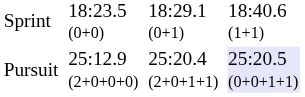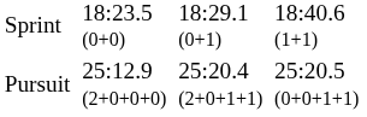 <table>
 <tr>
 <td>Sprint<br></td>
 <td></td>
 <td>18:23.5<br><small>(0+0)</small></td>
 <td></td>
 <td>18:29.1<br><small>(0+1)</small></td>
 <td></td>
 <td>18:40.6<br><small>(1+1)</small></td>
 </tr>
 <tr>
 <td>Pursuit<br></td>
 <td></td>
 <td>25:12.9<br><small>(2+0+0+0)</small></td>
 <td></td>
 <td>25:20.4<br><small>(2+0+1+1)</small></td>
 <td></td>
-<td style="background: lavender;">25:20.5<br><small>(0+0+1+1)</small></td>
+<td>25:20.5<br><small>(0+0+1+1)</small></td>
 </tr>
 </table>
